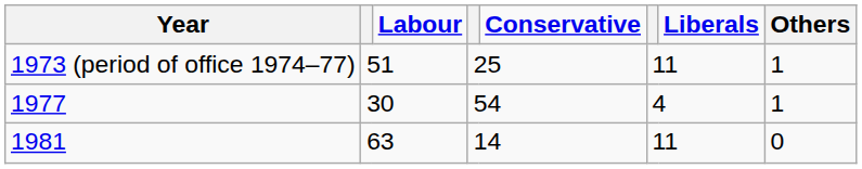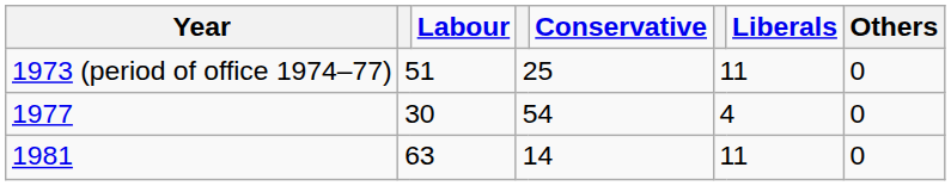 <table class="wikitable">
 <tr>
 <th>Year</th>
 <th style="background-color: "></th>
 <td><strong><a href='#'>Labour</a></strong></td>
 <th style="background-color: "></th>
 <td><strong><a href='#'>Conservative</a></strong></td>
 <th style="background-color: "></th>
 <td><strong><a href='#'>Liberals</a></strong></td>
 <th>Others</th>
 </tr>
 <tr>
 <td><a href='#'>1973</a> (period of office 1974–77)</td>
 <td colspan=2>51</td>
 <td colspan=2>25</td>
 <td colspan=2>11</td>
-<td>1</td>
+<td>0</td>
 </tr>
 <tr>
 <td><a href='#'>1977</a></td>
 <td colspan=2>30</td>
 <td colspan=2>54</td>
 <td colspan=2>4</td>
-<td>1</td>
+<td>0</td>
 </tr>
 <tr>
 <td><a href='#'>1981</a></td>
 <td colspan=2>63</td>
 <td colspan=2>14</td>
 <td colspan=2>11</td>
 <td>0</td>
 </tr>
 </table>
